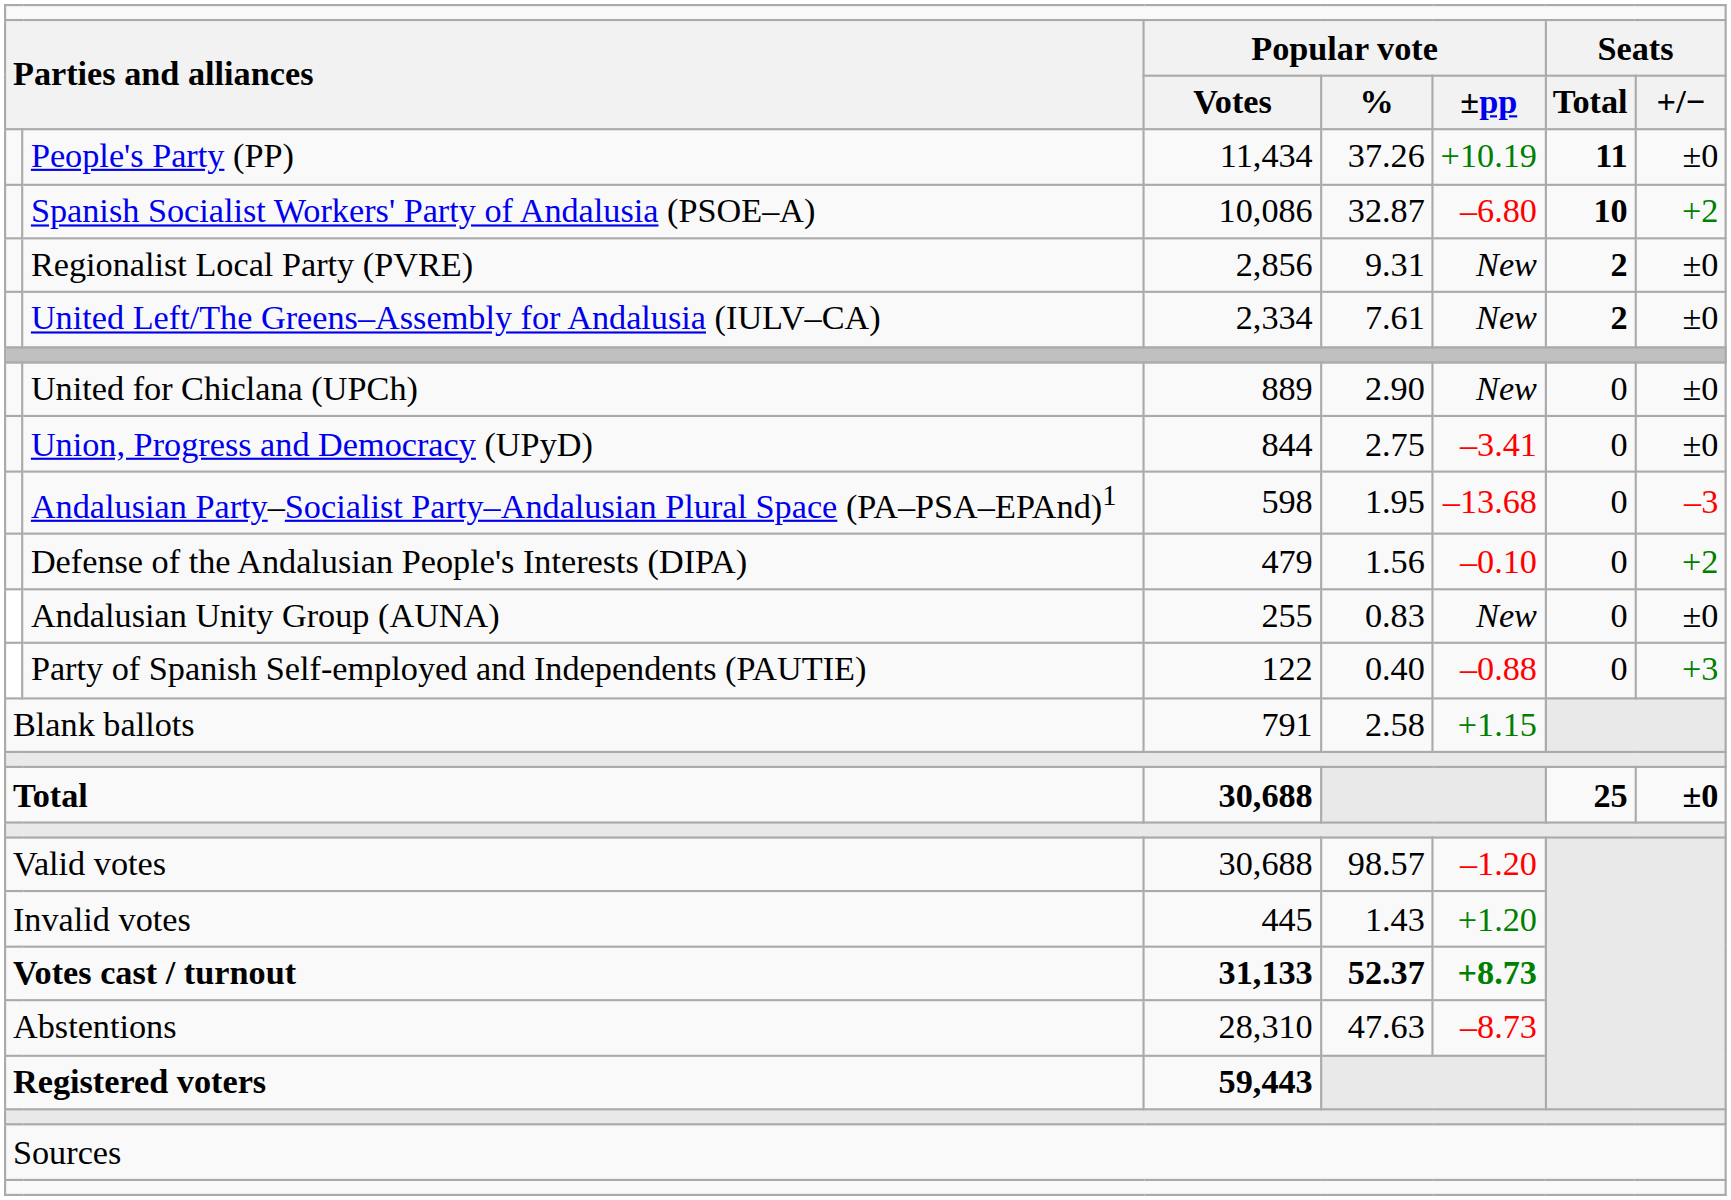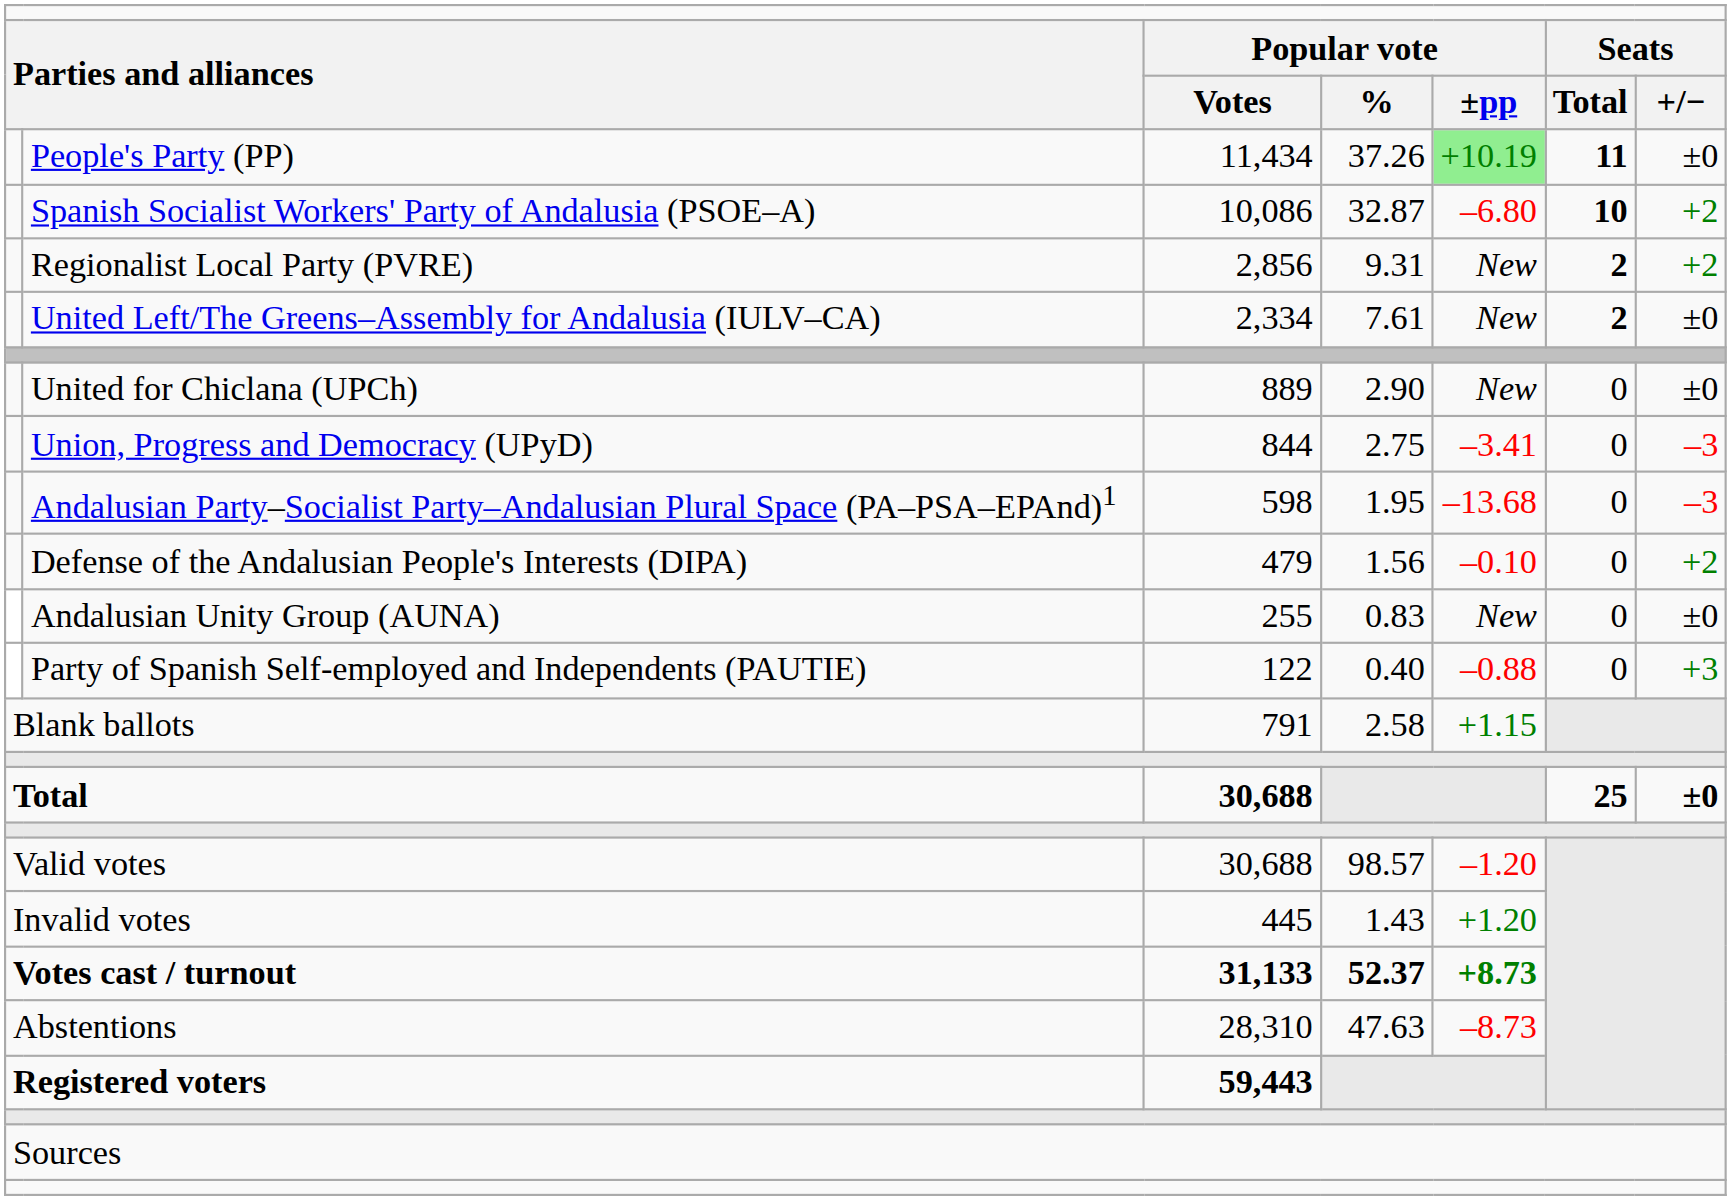 <table class="wikitable" style="text-align:right;">
 <tr>
 <td colspan="7"></td>
 </tr>
 <tr>
 <th style="text-align:left;" rowspan="2" colspan="2" width="525">Parties and alliances</th>
 <th colspan="3">Popular vote</th>
 <th colspan="2">Seats</th>
 </tr>
 <tr>
 <th width="75">Votes</th>
 <th width="45">%</th>
 <th width="45">±<a href='#'>pp</a></th>
 <th width="35">Total</th>
 <th width="35">+/−</th>
 </tr>
 <tr>
 <td width="1" style="color:inherit;background:"></td>
 <td align="left"><a href='#'>People's Party</a> (PP)</td>
 <td>11,434</td>
 <td>37.26</td>
-<td style="color:green;">+10.19</td>
+<td style="background: lightgreen; color:green;">+10.19</td>
 <td><strong>11</strong></td>
 <td>±0</td>
 </tr>
 <tr>
 <td style="color:inherit;background:"></td>
 <td align="left"><a href='#'>Spanish Socialist Workers' Party of Andalusia</a> (PSOE–A)</td>
 <td>10,086</td>
 <td>32.87</td>
 <td style="color:red;">–6.80</td>
 <td><strong>10</strong></td>
 <td style="color:green;">+2</td>
 </tr>
 <tr>
 <td style="color:inherit;background:"></td>
 <td align="left">Regionalist Local Party (PVRE)</td>
 <td>2,856</td>
 <td>9.31</td>
 <td><em>New</em></td>
 <td><strong>2</strong></td>
-<td>±0</td>
+<td style="color:green;">+2</td>
 </tr>
 <tr>
 <td style="color:inherit;background:"></td>
 <td align="left"><a href='#'>United Left/The Greens–Assembly for Andalusia</a> (IULV–CA)</td>
 <td>2,334</td>
 <td>7.61</td>
 <td><em>New</em></td>
 <td><strong>2</strong></td>
 <td>±0</td>
 </tr>
 <tr>
 <td colspan="7" bgcolor="#C0C0C0"></td>
 </tr>
 <tr>
 <td style="color:inherit;background:"></td>
 <td align="left">United for Chiclana (UPCh)</td>
 <td>889</td>
 <td>2.90</td>
 <td><em>New</em></td>
 <td>0</td>
 <td>±0</td>
 </tr>
 <tr>
 <td style="color:inherit;background:"></td>
 <td align="left"><a href='#'>Union, Progress and Democracy</a> (UPyD)</td>
 <td>844</td>
 <td>2.75</td>
 <td style="color:red;">–3.41</td>
 <td>0</td>
-<td>±0</td>
+<td style="color:red;">–3</td>
 </tr>
 <tr>
 <td style="color:inherit;background:"></td>
 <td align="left"><a href='#'>Andalusian Party</a>–<a href='#'>Socialist Party–Andalusian Plural Space</a> (PA–PSA–EPAnd)<sup>1</sup></td>
 <td>598</td>
 <td>1.95</td>
 <td style="color:red;">–13.68</td>
 <td>0</td>
 <td style="color:red;">–3</td>
 </tr>
 <tr>
 <td style="color:inherit;background:"></td>
 <td align="left">Defense of the Andalusian People's Interests (DIPA)</td>
 <td>479</td>
 <td>1.56</td>
 <td style="color:red;">–0.10</td>
 <td>0</td>
 <td style="color:green;">+2</td>
 </tr>
 <tr>
 <td bgcolor="white"></td>
 <td align="left">Andalusian Unity Group (AUNA)</td>
 <td>255</td>
 <td>0.83</td>
 <td><em>New</em></td>
 <td>0</td>
 <td>±0</td>
 </tr>
 <tr>
 <td bgcolor="white"></td>
 <td align="left">Party of Spanish Self-employed and Independents (PAUTIE)</td>
 <td>122</td>
 <td>0.40</td>
 <td style="color:red;">–0.88</td>
 <td>0</td>
 <td style="color:green;">+3</td>
 </tr>
 <tr>
 <td align="left" colspan="2">Blank ballots</td>
 <td>791</td>
 <td>2.58</td>
 <td style="color:green;">+1.15</td>
 <td bgcolor="#E9E9E9" colspan="2"></td>
 </tr>
 <tr>
 <td colspan="7" bgcolor="#E9E9E9"></td>
 </tr>
 <tr style="font-weight:bold;">
 <td align="left" colspan="2">Total</td>
 <td>30,688</td>
 <td bgcolor="#E9E9E9" colspan="2"></td>
 <td>25</td>
 <td>±0</td>
 </tr>
 <tr>
 <td colspan="7" bgcolor="#E9E9E9"></td>
 </tr>
 <tr>
 <td align="left" colspan="2">Valid votes</td>
 <td>30,688</td>
 <td>98.57</td>
 <td style="color:red;">–1.20</td>
 <td bgcolor="#E9E9E9" colspan="2" rowspan="5"></td>
 </tr>
 <tr>
 <td align="left" colspan="2">Invalid votes</td>
 <td>445</td>
 <td>1.43</td>
 <td style="color:green;">+1.20</td>
 </tr>
 <tr style="font-weight:bold;">
 <td align="left" colspan="2">Votes cast / turnout</td>
 <td>31,133</td>
 <td>52.37</td>
 <td style="color:green;">+8.73</td>
 </tr>
 <tr>
 <td align="left" colspan="2">Abstentions</td>
 <td>28,310</td>
 <td>47.63</td>
 <td style="color:red;">–8.73</td>
 </tr>
 <tr style="font-weight:bold;">
 <td align="left" colspan="2">Registered voters</td>
 <td>59,443</td>
 <td bgcolor="#E9E9E9" colspan="2"></td>
 </tr>
 <tr>
 <td colspan="7" bgcolor="#E9E9E9"></td>
 </tr>
 <tr>
 <td align="left" colspan="7">Sources</td>
 </tr>
 <tr>
 <td colspan="7" style="text-align:left; max-width:790px;"></td>
 </tr>
 </table>
